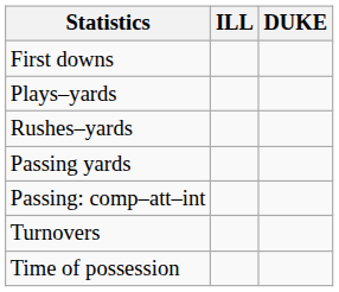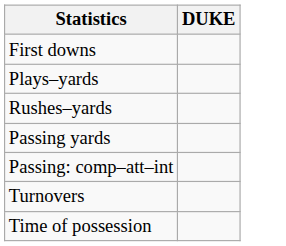 <table class="wikitable" style="float:left">
 <tr>
 <th>Statistics</th>
-<th>ILL</th>
 <th>DUKE</th>
 </tr>
 <tr>
 <td>First downs</td>
 <td></td>
-<td></td>
 </tr>
 <tr>
 <td>Plays–yards</td>
-<td></td>
 <td></td>
 </tr>
 <tr>
 <td>Rushes–yards</td>
 <td></td>
-<td></td>
 </tr>
 <tr>
 <td>Passing yards</td>
-<td></td>
 <td></td>
 </tr>
 <tr>
 <td>Passing: comp–att–int</td>
 <td></td>
-<td></td>
 </tr>
 <tr>
 <td>Turnovers</td>
-<td></td>
 <td></td>
 </tr>
 <tr>
 <td>Time of possession</td>
 <td></td>
-<td></td>
 </tr>
 </table>
